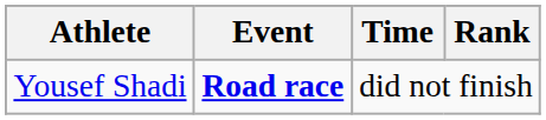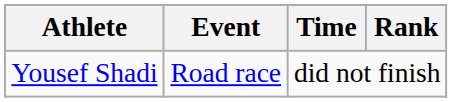 <table class=wikitable style=font-size:90%>
 <tr>
 <th>Athlete</th>
 <th>Event</th>
 <th>Time</th>
 <th>Rank</th>
 </tr>
 <tr>
 <td><a href='#'>Yousef Shadi</a></td>
-<td><strong><a href='#'>Road race</a></strong></td>
+<td><a href='#'>Road race</a></td>
 <td align=center colspan=2>did not finish</td>
 </tr>
 </table>
